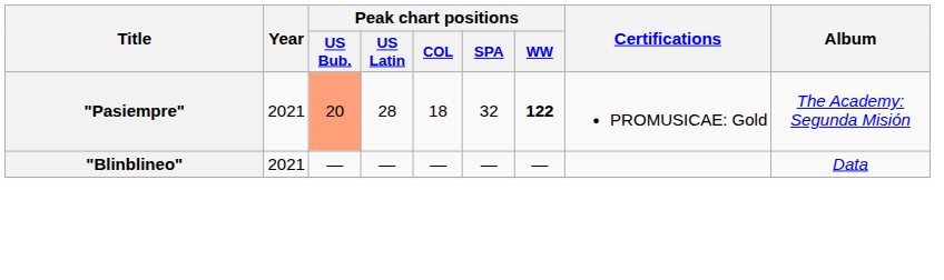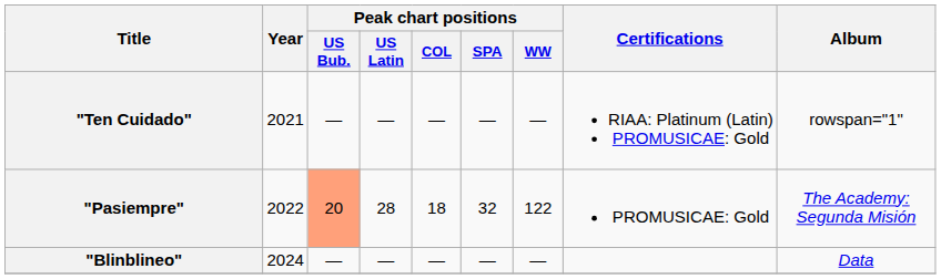 <table class="wikitable plainrowheaders" style="text-align:center;">
 <tr>
 <th scope="col" rowspan="2" style="width:15em;">Title</th>
 <th scope="col" rowspan="2" style="width:1em;">Year</th>
 <th scope="col" colspan="5">Peak chart positions</th>
 <th scope="col" rowspan="2"><a href='#'>Certifications</a></th>
 <th scope="col" rowspan="2" style="width:9em;">Album</th>
 </tr>
 <tr>
 <th scope="col" style="width:3em;font-size:90%;"><a href='#'>US Bub.</a><br></th>
 <th scope="col" style="width:3em;font-size:90%;"><a href='#'>US<br>Latin</a><br></th>
 <th scope="col" style="width:3em;font-size:85%;"><a href='#'>COL</a><br></th>
 <th scope="col" style="width:3em;font-size:90%;"><a href='#'>SPA</a><br></th>
 <th scope="col" style="width:3em;font-size:85%;"><a href='#'>WW</a><br></th>
 </tr>
 <tr>
+<th scope="row">"Ten Cuidado"<br></th>
+<td>2021</td>
+<td>—</td>
+<td>—</td>
+<td>—</td>
+<td>—</td>
+<td>—</td>
+<td><br><ul><li>RIAA: Platinum <span>(Latin)</span></li><li><a href='#'>PROMUSICAE</a>: Gold</li></ul></td>
+<td>rowspan="1" </td>
+</tr>
+<tr>
 <th scope="row">"Pasiempre"<br></th>
-<td>2021</td>
+<td>2022</td>
 <td style="background: lightsalmon;">20</td>
 <td>28</td>
 <td>18</td>
 <td>32</td>
-<td><strong>122</strong></td>
+<td>122</td>
 <td><br><ul><li>PROMUSICAE: Gold</li></ul></td>
 <td><em><a href='#'>The Academy: Segunda Misión</a></em></td>
 </tr>
 <tr>
 <th scope="row">"Blinblineo"<br></th>
-<td>2021</td>
+<td>2024</td>
 <td>—</td>
 <td>—</td>
 <td>—</td>
 <td>—</td>
 <td>—</td>
 <td></td>
 <td><em><a href='#'>Data</a></em></td>
 </tr>
 <tr>
 </tr>
 </table>
